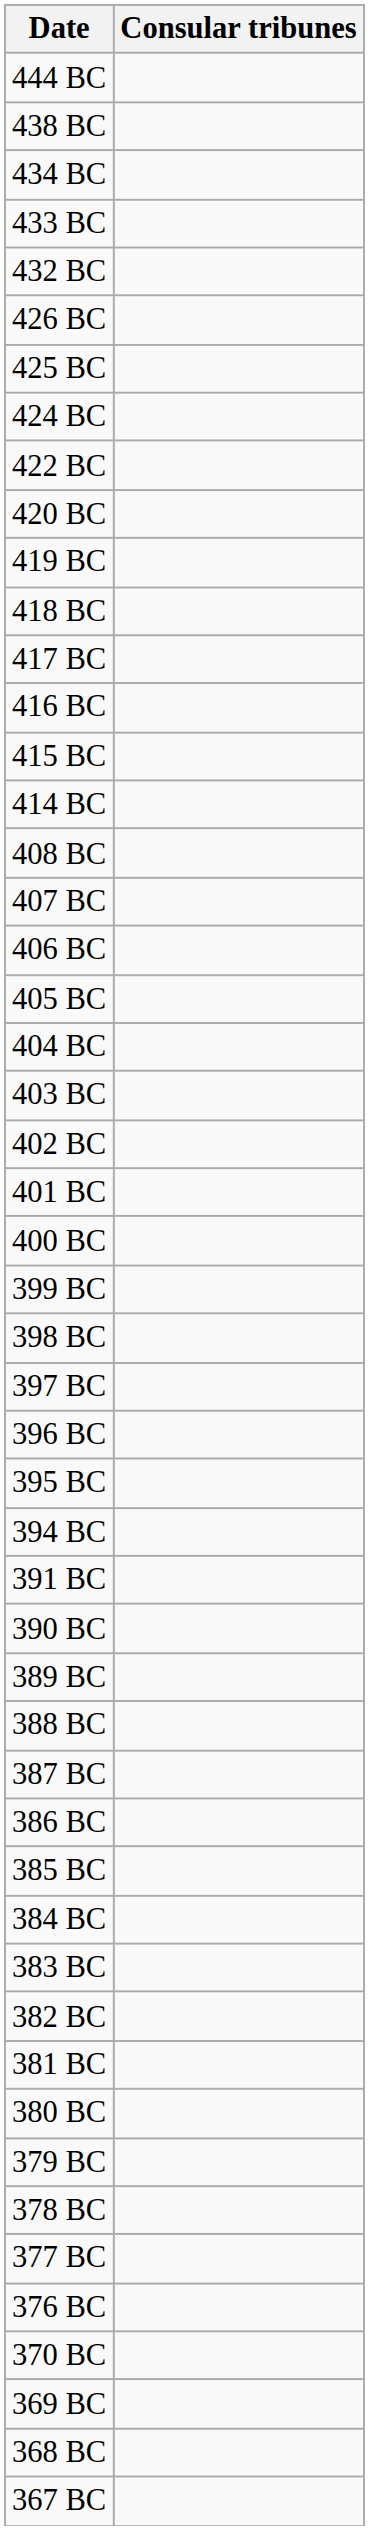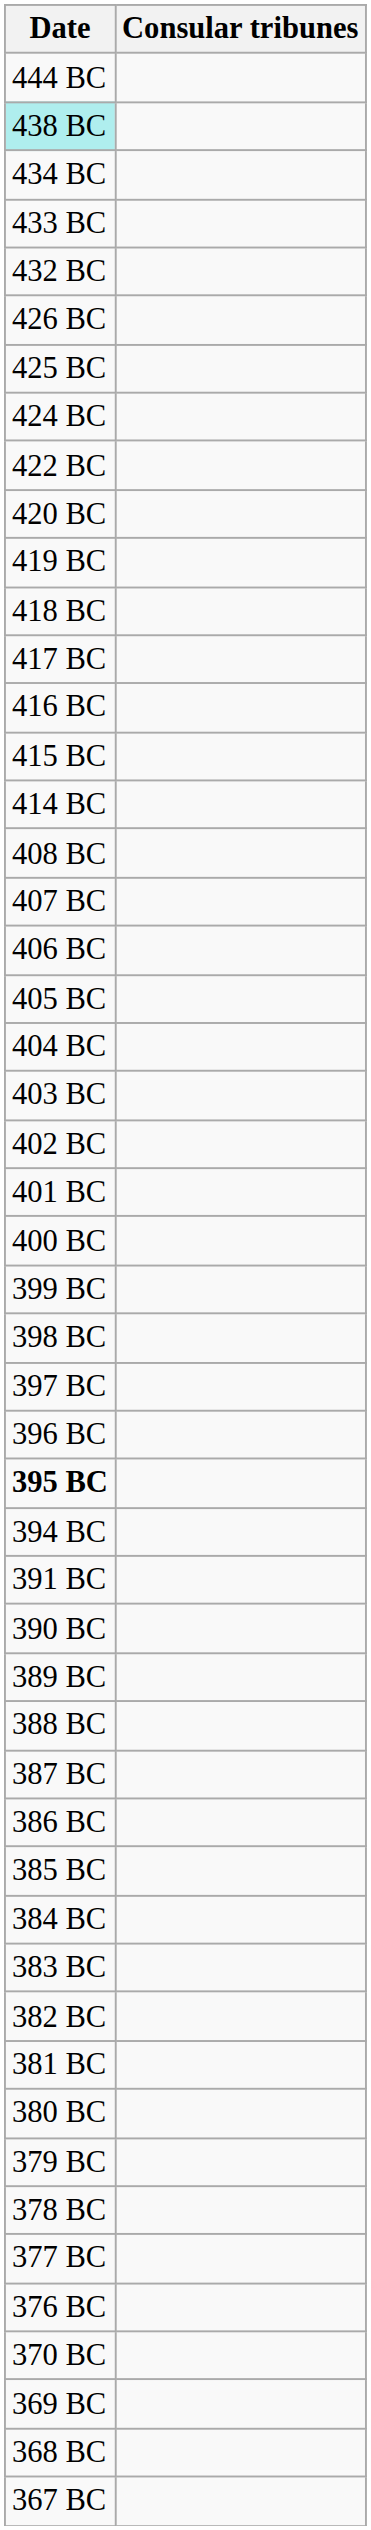 <table class="wikitable ">
 <tr>
 <th>Date</th>
 <th>Consular tribunes</th>
 </tr>
 <tr>
 <td>444 BC</td>
 <td></td>
 </tr>
 <tr>
-<td>438 BC</td>
+<td style="background: paleturquoise;">438 BC</td>
 <td></td>
 </tr>
 <tr>
 <td>434 BC</td>
 <td></td>
 </tr>
 <tr>
 <td>433 BC</td>
 <td></td>
 </tr>
 <tr>
 <td>432 BC</td>
 <td></td>
 </tr>
 <tr>
 <td>426 BC</td>
 <td></td>
 </tr>
 <tr>
 <td>425 BC</td>
 <td></td>
 </tr>
 <tr>
 <td>424 BC</td>
 <td></td>
 </tr>
 <tr>
 <td>422 BC</td>
 <td></td>
 </tr>
 <tr>
 <td>420 BC</td>
 <td></td>
 </tr>
 <tr>
 <td>419 BC</td>
 <td></td>
 </tr>
 <tr>
 <td>418 BC</td>
 <td></td>
 </tr>
 <tr>
 <td>417 BC</td>
 <td></td>
 </tr>
 <tr>
 <td>416 BC</td>
 <td></td>
 </tr>
 <tr>
 <td>415 BC</td>
 <td></td>
 </tr>
 <tr>
 <td>414 BC</td>
 <td></td>
 </tr>
 <tr>
 <td>408 BC</td>
 <td></td>
 </tr>
 <tr>
 <td>407 BC</td>
 <td></td>
 </tr>
 <tr>
 <td>406 BC</td>
 <td></td>
 </tr>
 <tr>
 <td>405 BC</td>
 <td></td>
 </tr>
 <tr>
 <td>404 BC</td>
 <td></td>
 </tr>
 <tr>
 <td>403 BC</td>
 <td></td>
 </tr>
 <tr>
 <td>402 BC</td>
 <td></td>
 </tr>
 <tr>
 <td>401 BC</td>
 <td></td>
 </tr>
 <tr>
 <td>400 BC</td>
 <td></td>
 </tr>
 <tr>
 <td>399 BC</td>
 <td></td>
 </tr>
 <tr>
 <td>398 BC</td>
 <td></td>
 </tr>
 <tr>
 <td>397 BC</td>
 <td></td>
 </tr>
 <tr>
 <td>396 BC</td>
 <td></td>
 </tr>
 <tr>
-<td>395 BC</td>
+<td><strong>395 BC</strong></td>
 <td></td>
 </tr>
 <tr>
 <td>394 BC</td>
 <td></td>
 </tr>
 <tr>
 <td>391 BC</td>
 <td></td>
 </tr>
 <tr>
 <td>390 BC</td>
 <td></td>
 </tr>
 <tr>
 <td>389 BC</td>
 <td></td>
 </tr>
 <tr>
 <td>388 BC</td>
 <td></td>
 </tr>
 <tr>
 <td>387 BC</td>
 <td></td>
 </tr>
 <tr>
 <td>386 BC</td>
 <td></td>
 </tr>
 <tr>
 <td>385 BC</td>
 <td></td>
 </tr>
 <tr>
 <td>384 BC</td>
 <td></td>
 </tr>
 <tr>
 <td>383 BC</td>
 <td></td>
 </tr>
 <tr>
 <td>382 BC</td>
 <td></td>
 </tr>
 <tr>
 <td>381 BC</td>
 <td></td>
 </tr>
 <tr>
 <td>380 BC</td>
 <td></td>
 </tr>
 <tr>
 <td>379 BC</td>
 <td></td>
 </tr>
 <tr>
 <td>378 BC</td>
 <td></td>
 </tr>
 <tr>
 <td>377 BC</td>
 <td></td>
 </tr>
 <tr>
 <td>376 BC</td>
 <td></td>
 </tr>
 <tr>
 <td>370 BC</td>
 <td></td>
 </tr>
 <tr>
 <td>369 BC</td>
 <td></td>
 </tr>
 <tr>
 <td>368 BC</td>
 <td></td>
 </tr>
 <tr>
 <td>367 BC</td>
 <td></td>
 </tr>
 </table>
